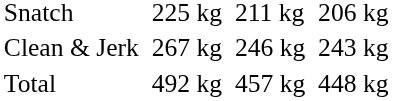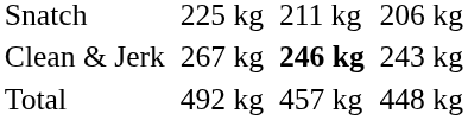 <table>
 <tr>
 <td>Snatch</td>
 <td></td>
 <td>225 kg</td>
 <td></td>
 <td>211 kg</td>
 <td></td>
 <td>206 kg</td>
 </tr>
 <tr>
 <td>Clean & Jerk</td>
 <td></td>
 <td>267 kg</td>
 <td></td>
-<td>246 kg</td>
+<td><strong>246 kg</strong></td>
 <td></td>
 <td>243 kg</td>
 </tr>
 <tr>
 <td>Total</td>
 <td></td>
 <td>492 kg</td>
 <td></td>
 <td>457 kg</td>
 <td></td>
 <td>448 kg</td>
 </tr>
 </table>
